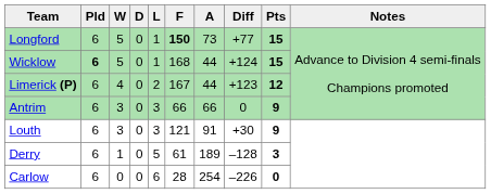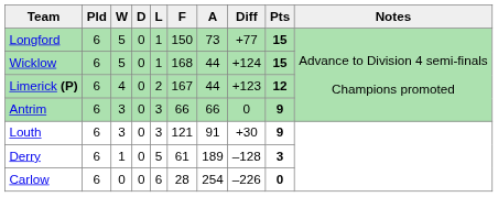 <table style=border-collapse:collapse border=1 cellspacing=0 cellpadding=5>
 <tr align=center bgcolor=#efefef>
 <th>Team</th>
 <th>Pld</th>
 <th>W</th>
 <th>D</th>
 <th>L</th>
 <th>F</th>
 <th>A</th>
 <th>Diff</th>
 <th>Pts</th>
 <th>Notes</th>
 </tr>
 <tr align=center style="background:#ACE1AF;">
 <td style="text-align:left;"> <a href='#'>Longford</a></td>
 <td>6</td>
 <td>5</td>
 <td>0</td>
 <td>1</td>
-<td><strong>150</strong></td>
+<td>150</td>
 <td>73</td>
 <td>+77</td>
 <td><strong>15</strong></td>
 <td rowspan=4>Advance to Division 4 semi-finals<br><br>Champions promoted</td>
 </tr>
 <tr align=center style="background:#ACE1AF">
 <td style="text-align:left;"> <a href='#'>Wicklow</a></td>
-<td><strong>6</strong></td>
+<td>6</td>
 <td>5</td>
 <td>0</td>
 <td>1</td>
 <td>168</td>
 <td>44</td>
 <td>+124</td>
 <td><strong>15</strong></td>
 </tr>
 <tr align=center style="background:#ACE1AF;">
 <td style="text-align:left;"> <a href='#'>Limerick</a> <strong>(P)</strong></td>
 <td>6</td>
 <td>4</td>
 <td>0</td>
 <td>2</td>
 <td>167</td>
 <td>44</td>
 <td>+123</td>
 <td><strong>12</strong></td>
 </tr>
 <tr align=center style="background:#ACE1AF;">
 <td style="text-align:left;"> <a href='#'>Antrim</a></td>
 <td>6</td>
 <td>3</td>
 <td>0</td>
 <td>3</td>
 <td>66</td>
 <td>66</td>
 <td>0</td>
 <td><strong>9</strong></td>
 </tr>
 <tr align=center style="background:#FFFFFF;">
 <td style="text-align:left;"> <a href='#'>Louth</a></td>
 <td>6</td>
 <td>3</td>
 <td>0</td>
 <td>3</td>
 <td>121</td>
 <td>91</td>
 <td>+30</td>
 <td><strong>9</strong></td>
 </tr>
 <tr align=center style="background:#FFFFFF;">
 <td style="text-align:left;"> <a href='#'>Derry</a></td>
 <td>6</td>
 <td>1</td>
 <td>0</td>
 <td>5</td>
 <td>61</td>
 <td>189</td>
 <td>–128</td>
 <td><strong>3</strong></td>
 </tr>
 <tr align=center style="background:#FFFFFF;">
 <td style="text-align:left;"> <a href='#'>Carlow</a></td>
 <td>6</td>
 <td>0</td>
 <td>0</td>
 <td>6</td>
 <td>28</td>
 <td>254</td>
 <td>–226</td>
 <td><strong>0</strong></td>
 </tr>
 </table>
